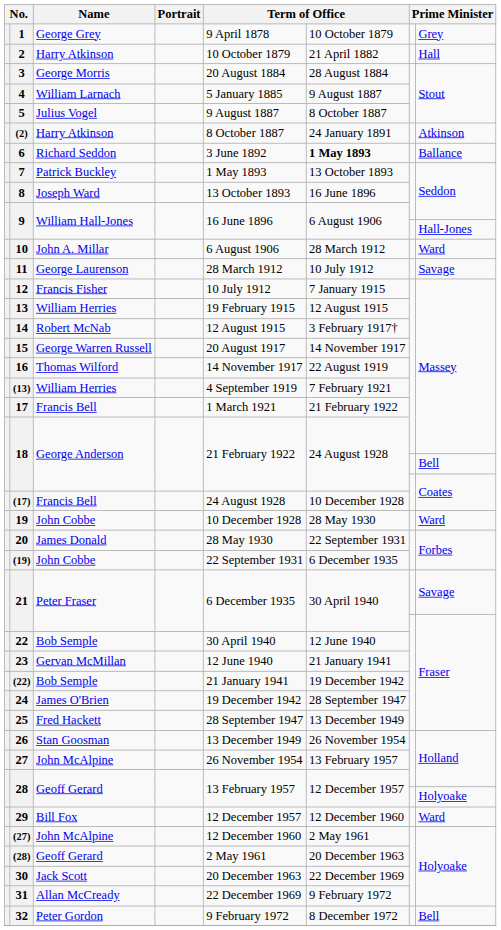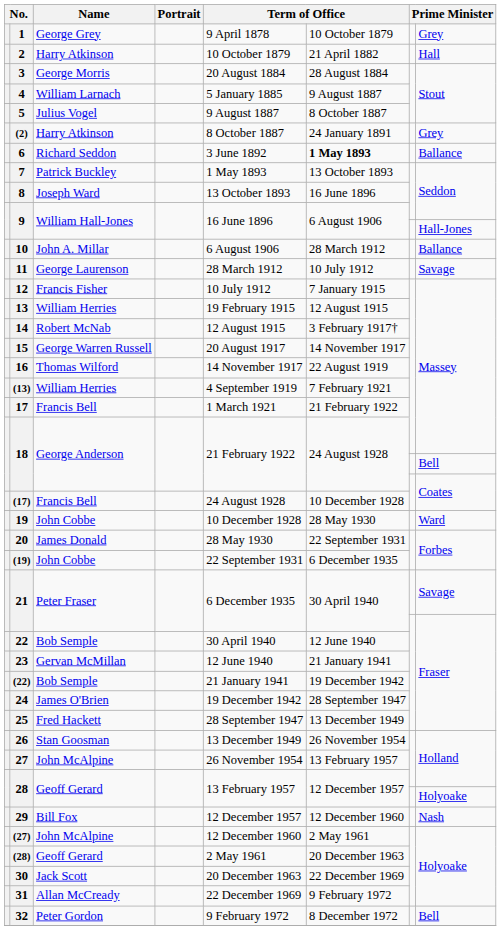 <table class="wikitable">
 <tr>
 <th colspan=2>No.</th>
 <th>Name</th>
 <th>Portrait</th>
 <th colspan=2>Term of Office</th>
 <th colspan=2>Prime Minister</th>
 </tr>
 <tr>
 <th style="color:inherit;background:"></th>
 <th>1</th>
 <td><a href='#'>George Grey</a></td>
 <td></td>
 <td>9 April 1878</td>
 <td>10 October 1879</td>
 <td style="color:inherit;background:"></td>
 <td><a href='#'>Grey</a></td>
 </tr>
 <tr>
 <th style="color:inherit;background:"></th>
 <th>2</th>
 <td><a href='#'>Harry Atkinson</a></td>
 <td></td>
 <td>10 October 1879</td>
 <td>21 April 1882</td>
 <td style="color:inherit;background:"></td>
 <td><a href='#'>Hall</a></td>
 </tr>
 <tr>
 <th style="color:inherit;background:"></th>
 <th>3</th>
 <td><a href='#'>George Morris</a></td>
 <td></td>
 <td>20 August 1884</td>
 <td>28 August 1884</td>
 <td width=1 rowspan=3 style="color:inherit;background:"></td>
 <td rowspan=3><a href='#'>Stout</a></td>
 </tr>
 <tr>
 <th style="color:inherit;background:"></th>
 <th>4</th>
 <td><a href='#'>William Larnach</a></td>
 <td></td>
 <td>5 January 1885</td>
 <td>9 August 1887</td>
 </tr>
 <tr>
 <th style="color:inherit;background:"></th>
 <th>5</th>
 <td><a href='#'>Julius Vogel</a></td>
 <td></td>
 <td>9 August 1887</td>
 <td>8 October 1887</td>
 </tr>
 <tr>
 <th style="color:inherit;background:"></th>
 <th><small>(2)</small></th>
 <td><a href='#'>Harry Atkinson</a></td>
 <td></td>
 <td>8 October 1887</td>
 <td>24 January 1891</td>
 <td style="color:inherit;background:"></td>
-<td><a href='#'>Atkinson</a></td>
+<td><a href='#'>Grey</a></td>
 </tr>
 <tr>
 <th style="color:inherit;background:"></th>
 <th>6</th>
 <td><a href='#'>Richard Seddon</a></td>
 <td></td>
 <td>3 June 1892</td>
 <td><strong>1 May 1893</strong></td>
 <td style="color:inherit;background:"></td>
 <td><a href='#'>Ballance</a></td>
 </tr>
 <tr>
 <th style="color:inherit;background:"></th>
 <th>7</th>
 <td><a href='#'>Patrick Buckley</a></td>
 <td></td>
 <td>1 May 1893</td>
 <td>13 October 1893</td>
 <td rowspan="3" style="color:inherit;background:"></td>
 <td rowspan="3"><a href='#'>Seddon</a></td>
 </tr>
 <tr>
 <th style="color:inherit;background:"></th>
 <th>8</th>
 <td><a href='#'>Joseph Ward</a></td>
 <td></td>
 <td>13 October 1893</td>
 <td>16 June 1896</td>
 </tr>
 <tr>
 <th height=15 style="border-bottom:solid 0 grey; background:"></th>
 <th rowspan="2">9</th>
 <td rowspan="2"><a href='#'>William Hall-Jones</a></td>
 <td rowspan="2"></td>
 <td rowspan="2">16 June 1896</td>
 <td rowspan="2">6 August 1906</td>
 </tr>
 <tr>
 <th height=15 style="border-top:solid 0 grey; background:"></th>
 <td style="color:inherit;background:"></td>
 <td><a href='#'>Hall-Jones</a></td>
 </tr>
 <tr>
 <th style="color:inherit;background:"></th>
 <th>10</th>
 <td><a href='#'>John A. Millar</a></td>
 <td></td>
 <td>6 August 1906</td>
 <td>28 March 1912</td>
 <td style="color:inherit;background:"></td>
-<td><a href='#'>Ward</a></td>
+<td><a href='#'>Ballance</a></td>
 </tr>
 <tr>
 <th style="color:inherit;background:"></th>
 <th>11</th>
 <td><a href='#'>George Laurenson</a></td>
 <td></td>
 <td>28 March 1912</td>
 <td>10 July 1912</td>
 <td style="color:inherit;background:"></td>
 <td><a href='#'>Savage</a></td>
 </tr>
 <tr>
 <th style="color:inherit;background:"></th>
 <th>12</th>
 <td><a href='#'>Francis Fisher</a></td>
 <td></td>
 <td>10 July 1912</td>
 <td>7 January 1915</td>
 <td rowspan=7 style="border-bottom:solid 0 grey; background:"></td>
 <td rowspan=8><a href='#'>Massey</a></td>
 </tr>
 <tr>
 <th style="color:inherit;background:"></th>
 <th>13</th>
 <td><a href='#'>William Herries</a></td>
 <td></td>
 <td>19 February 1915</td>
 <td>12 August 1915</td>
 </tr>
 <tr>
 <th style="color:inherit;background:"></th>
 <th>14</th>
 <td><a href='#'>Robert McNab</a></td>
 <td></td>
 <td>12 August 1915</td>
 <td>3 February 1917†</td>
 </tr>
 <tr>
 <th style="color:inherit;background:"></th>
 <th>15</th>
 <td><a href='#'>George Warren Russell</a></td>
 <td></td>
 <td>20 August 1917</td>
 <td>14 November 1917</td>
 </tr>
 <tr>
 <th style="color:inherit;background:"></th>
 <th>16</th>
 <td><a href='#'>Thomas Wilford</a></td>
 <td></td>
 <td>14 November 1917</td>
 <td>22 August 1919</td>
 </tr>
 <tr>
 <th style="color:inherit;background:"></th>
 <th><small>(13)</small></th>
 <td><a href='#'>William Herries</a></td>
 <td></td>
 <td>4 September 1919</td>
 <td>7 February 1921</td>
 </tr>
 <tr>
 <th style="color:inherit;background:"></th>
 <th>17</th>
 <td><a href='#'>Francis Bell</a></td>
 <td></td>
 <td>1 March 1921</td>
 <td>21 February 1922</td>
 </tr>
 <tr>
 <th rowspan=3 style="color:inherit;background:"></th>
 <th rowspan=3>18</th>
 <td rowspan=3><a href='#'>George Anderson</a></td>
 <td rowspan=3></td>
 <td rowspan=3>21 February 1922</td>
 <td rowspan=3>24 August 1928</td>
 <td height=40 style="border-top:solid 0 grey; background:"></td>
 </tr>
 <tr>
 <td height=15 style="color:inherit;background:"></td>
 <td><a href='#'>Bell</a></td>
 </tr>
 <tr>
 <td height=15 style="border-bottom:solid 0 grey; background:"></td>
 <td rowspan=2><a href='#'>Coates</a></td>
 </tr>
 <tr>
 <th style="color:inherit;background:"></th>
 <th><small>(17)</small></th>
 <td><a href='#'>Francis Bell</a></td>
 <td></td>
 <td>24 August 1928</td>
 <td>10 December 1928</td>
 <td style="border-top:solid 0 grey; background:"></td>
 </tr>
 <tr>
 <th style="color:inherit;background:"></th>
 <th>19</th>
 <td><a href='#'>John Cobbe</a></td>
 <td></td>
 <td>10 December 1928</td>
 <td>28 May 1930</td>
 <td style="color:inherit;background:"></td>
 <td><a href='#'>Ward</a></td>
 </tr>
 <tr>
 <th style="color:inherit;background:"></th>
 <th>20</th>
 <td><a href='#'>James Donald</a></td>
 <td></td>
 <td>28 May 1930</td>
 <td>22 September 1931</td>
 <td rowspan=2 style="color:inherit;background:"></td>
 <td rowspan=2><a href='#'>Forbes</a></td>
 </tr>
 <tr>
 <th style="color:inherit;background:"></th>
 <th><small>(19)</small></th>
 <td><a href='#'>John Cobbe</a></td>
 <td></td>
 <td>22 September 1931</td>
 <td>6 December 1935</td>
 </tr>
 <tr>
 <th height=50 style="border-bottom:solid 0 grey; background:"></th>
 <th rowspan=2>21</th>
 <td rowspan=2><a href='#'>Peter Fraser</a></td>
 <td rowspan=2></td>
 <td rowspan=2>6 December 1935</td>
 <td rowspan=2>30 April 1940</td>
 <td style="color:inherit;background:"></td>
 <td><a href='#'>Savage</a></td>
 </tr>
 <tr>
 <th height=15 style="border-top:solid 0 grey; background:"></th>
 <td style="border-bottom:solid 0 grey; background:"></td>
 <td rowspan=6><a href='#'>Fraser</a></td>
 </tr>
 <tr>
 <th style="color:inherit;background:"></th>
 <th>22</th>
 <td><a href='#'>Bob Semple</a></td>
 <td></td>
 <td>30 April 1940</td>
 <td>12 June 1940</td>
 <td rowspan=5 style="border-top:solid 0 grey; background:"></td>
 </tr>
 <tr>
 <th style="color:inherit;background:"></th>
 <th>23</th>
 <td><a href='#'>Gervan McMillan</a></td>
 <td></td>
 <td>12 June 1940</td>
 <td>21 January 1941</td>
 </tr>
 <tr>
 <th style="color:inherit;background:"></th>
 <th><small>(22)</small></th>
 <td><a href='#'>Bob Semple</a></td>
 <td></td>
 <td>21 January 1941</td>
 <td>19 December 1942</td>
 </tr>
 <tr>
 <th style="color:inherit;background:"></th>
 <th>24</th>
 <td><a href='#'>James O'Brien</a></td>
 <td></td>
 <td>19 December 1942</td>
 <td>28 September 1947</td>
 </tr>
 <tr>
 <th style="color:inherit;background:"></th>
 <th>25</th>
 <td><a href='#'>Fred Hackett</a></td>
 <td></td>
 <td>28 September 1947</td>
 <td>13 December 1949</td>
 </tr>
 <tr>
 <th style="color:inherit;background:"></th>
 <th>26</th>
 <td><a href='#'>Stan Goosman</a></td>
 <td></td>
 <td>13 December 1949</td>
 <td>26 November 1954</td>
 <td rowspan=3 style="color:inherit;background:"></td>
 <td rowspan=3><a href='#'>Holland</a></td>
 </tr>
 <tr>
 <th style="color:inherit;background:"></th>
 <th>27</th>
 <td><a href='#'>John McAlpine</a></td>
 <td></td>
 <td>26 November 1954</td>
 <td>13 February 1957</td>
 </tr>
 <tr>
 <th height=15 style="border-bottom:solid 0 grey; background:"></th>
 <th rowspan=2>28</th>
 <td rowspan=2><a href='#'>Geoff Gerard</a></td>
 <td rowspan=2></td>
 <td rowspan=2>13 February 1957</td>
 <td rowspan=2>12 December 1957</td>
 </tr>
 <tr>
 <th height=15 style="border-top:solid 0 grey; background:"></th>
 <td style="color:inherit;background:"></td>
 <td><a href='#'>Holyoake</a></td>
 </tr>
 <tr>
 <th style="color:inherit;background:"></th>
 <th>29</th>
 <td><a href='#'>Bill Fox</a></td>
 <td></td>
 <td>12 December 1957</td>
 <td>12 December 1960</td>
 <td style="color:inherit;background:"></td>
-<td><a href='#'>Ward</a></td>
+<td><a href='#'>Nash</a></td>
 </tr>
 <tr>
 <th style="color:inherit;background:"></th>
 <th><small>(27)</small></th>
 <td><a href='#'>John McAlpine</a></td>
 <td></td>
 <td>12 December 1960</td>
 <td>2 May 1961</td>
 <td rowspan=4 style="color:inherit;background:"></td>
 <td rowspan=4><a href='#'>Holyoake</a></td>
 </tr>
 <tr>
 <th style="color:inherit;background:"></th>
 <th><small>(28)</small></th>
 <td><a href='#'>Geoff Gerard</a></td>
 <td></td>
 <td>2 May 1961</td>
 <td>20 December 1963</td>
 </tr>
 <tr>
 <th style="color:inherit;background:"></th>
 <th>30</th>
 <td><a href='#'>Jack Scott</a></td>
 <td></td>
 <td>20 December 1963</td>
 <td>22 December 1969</td>
 </tr>
 <tr>
 <th style="color:inherit;background:"></th>
 <th>31</th>
 <td><a href='#'>Allan McCready</a></td>
 <td></td>
 <td>22 December 1969</td>
 <td>9 February 1972</td>
 </tr>
 <tr>
 <th style="color:inherit;background:"></th>
 <th>32</th>
 <td><a href='#'>Peter Gordon</a></td>
 <td></td>
 <td>9 February 1972</td>
 <td>8 December 1972</td>
 <td style="color:inherit;background:"></td>
 <td><a href='#'>Bell</a></td>
 </tr>
 <tr>
 </tr>
 </table>
